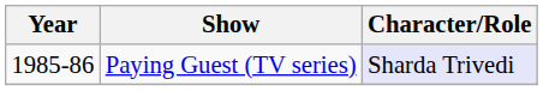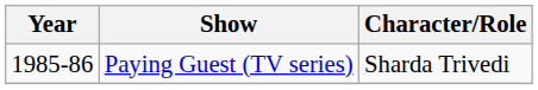 <table class="wikitable sortable">
 <tr>
 <th>Year</th>
 <th>Show</th>
 <th>Character/Role</th>
 </tr>
 <tr>
 <td>1985-86</td>
 <td><a href='#'>Paying Guest (TV series)</a></td>
-<td style="background: lavender;">Sharda Trivedi</td>
+<td>Sharda Trivedi</td>
 </tr>
 <tr>
 </tr>
 </table>
